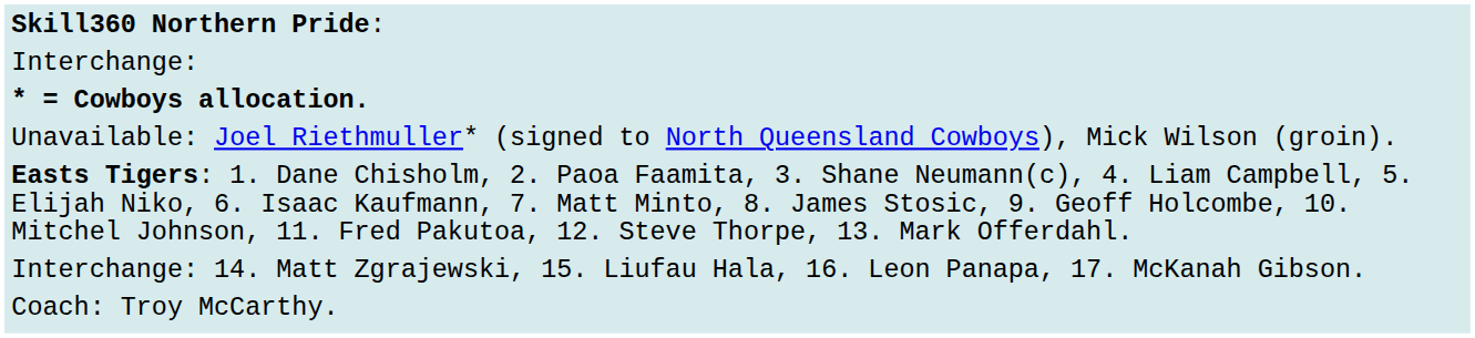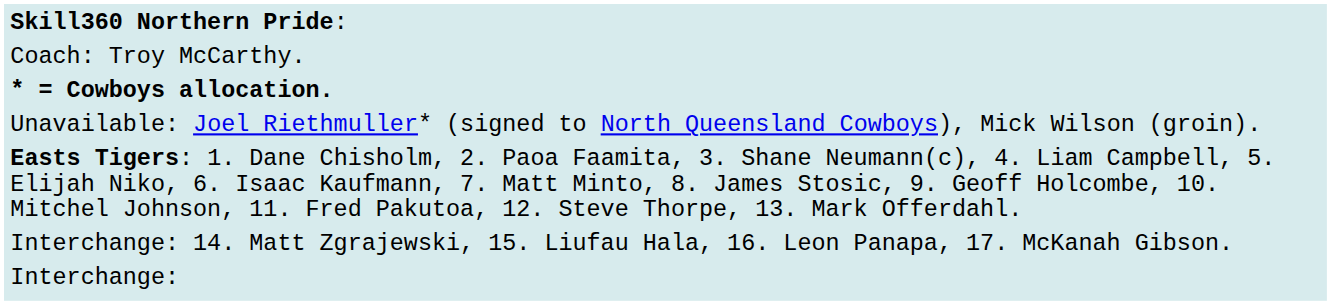 <table style="background:#d7ebed; font-size:85%; width:100%;">
 <tr>
 <td><strong>Skill360 Northern Pride</strong>:             </td>
 </tr>
 <tr>
-<td>Interchange:    </td>
+<td>Coach: Troy McCarthy.</td>
 </tr>
 <tr>
 <td><strong>* = Cowboys allocation.</strong></td>
 </tr>
 <tr>
 <td>Unavailable: <a href='#'>Joel Riethmuller</a>* (signed to <a href='#'>North Queensland Cowboys</a>), Mick Wilson (groin).</td>
 </tr>
 <tr>
 <td><strong>Easts Tigers</strong>: 1. Dane Chisholm, 2. Paoa Faamita, 3. Shane Neumann(c), 4. Liam Campbell, 5. Elijah Niko, 6. Isaac Kaufmann, 7. Matt Minto, 8. James Stosic, 9. Geoff Holcombe, 10. Mitchel Johnson, 11. Fred Pakutoa, 12. Steve Thorpe, 13. Mark Offerdahl.</td>
 </tr>
 <tr>
 <td>Interchange: 14. Matt Zgrajewski, 15. Liufau Hala, 16. Leon Panapa, 17. McKanah Gibson.</td>
 </tr>
 <tr>
-<td>Coach: Troy McCarthy.</td>
+<td>Interchange:    </td>
 </tr>
 <tr>
 </tr>
 </table>
